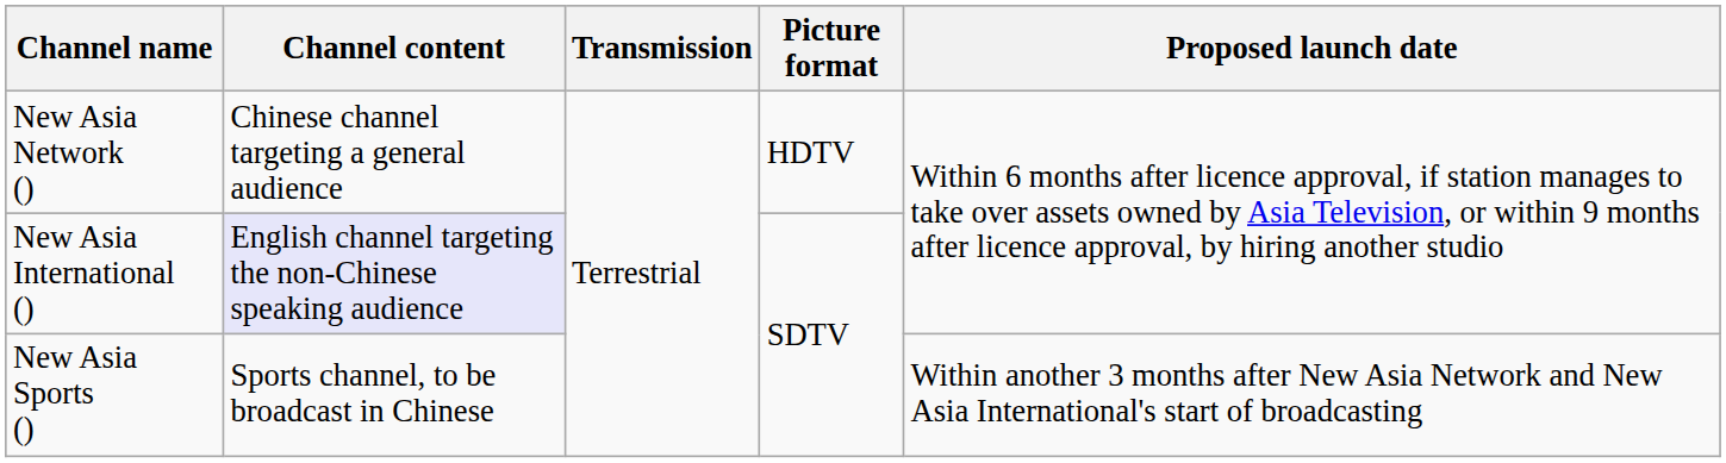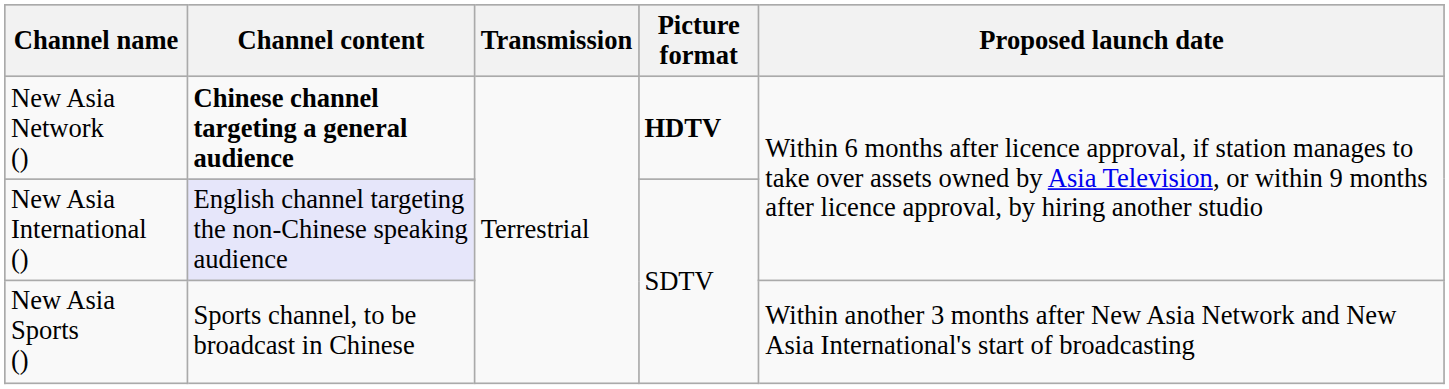 <table class="wikitable">
 <tr>
 <th>Channel name</th>
 <th>Channel content</th>
 <th>Transmission</th>
 <th>Picture format</th>
 <th>Proposed launch date</th>
 </tr>
 <tr>
 <td>New Asia Network<br>()</td>
-<td>Chinese channel targeting a general audience</td>
+<td><strong>Chinese channel targeting a general audience</strong></td>
 <td rowspan="3">Terrestrial</td>
-<td>HDTV</td>
+<td><strong>HDTV</strong></td>
 <td rowspan="2">Within 6 months after licence approval, if station manages to take over assets owned by <a href='#'>Asia Television</a>, or within 9 months after licence approval, by hiring another studio</td>
 </tr>
 <tr>
 <td>New Asia International<br>()</td>
 <td style="background: lavender;">English channel targeting the non-Chinese speaking audience</td>
 <td rowspan="2">SDTV</td>
 </tr>
 <tr>
 <td>New Asia Sports<br>()</td>
 <td>Sports channel, to be broadcast in Chinese</td>
 <td>Within another 3 months after New Asia Network and New Asia International's start of broadcasting</td>
 </tr>
 </table>
